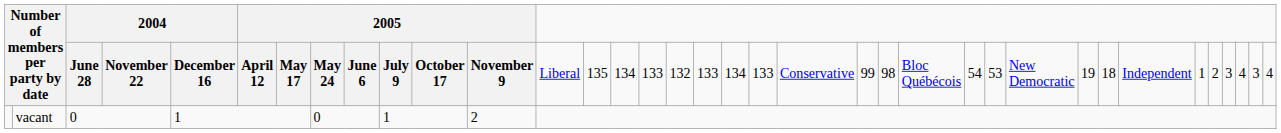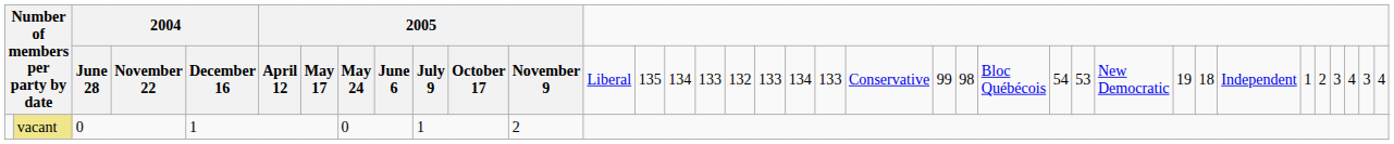 <table class="wikitable">
 <tr>
 <th colspan=2 rowspan=2>Number of members<br>per party by date</th>
 <th colspan=3>2004</th>
 <th colspan=7>2005</th>
 </tr>
 <tr>
 <th>June 28</th>
 <th>November 22</th>
 <th>December 16</th>
 <th>April 12</th>
 <th>May 17</th>
 <th>May 24</th>
 <th>June 6</th>
 <th>July 9</th>
 <th>October 17</th>
 <th>November 9<br></th>
 <td><a href='#'>Liberal</a></td>
 <td colspan=1>135</td>
 <td colspan=1>134</td>
 <td colspan=1>133</td>
 <td colspan=1>132</td>
 <td colspan=1>133</td>
 <td colspan=1>134</td>
 <td colspan=4>133<br></td>
 <td><a href='#'>Conservative</a></td>
 <td colspan=4>99</td>
 <td colspan=6>98<br></td>
 <td><a href='#'>Bloc Québécois</a></td>
 <td colspan=9>54</td>
 <td colspan=1>53<br></td>
 <td><a href='#'>New Democratic</a></td>
 <td colspan=8>19</td>
 <td colspan=2>18<br></td>
 <td><a href='#'>Independent</a></td>
 <td colspan=1>1</td>
 <td colspan=2>2</td>
 <td colspan=3>3</td>
 <td colspan=1>4</td>
 <td colspan=1>3</td>
 <td colspan=2>4</td>
 </tr>
 <tr>
 <td></td>
-<td>vacant</td>
+<td style="background: khaki;">vacant</td>
 <td colspan=2>0</td>
 <td colspan=3>1</td>
 <td colspan=2>0</td>
 <td colspan=2>1</td>
 <td colspan=1>2</td>
 </tr>
 </table>
